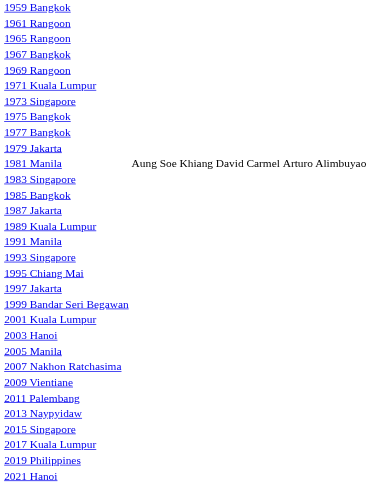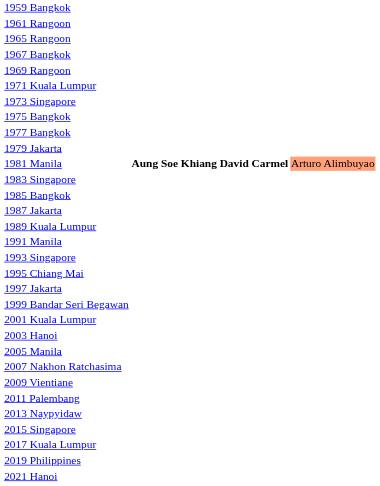 <table>
 <tr>
 <td><a href='#'>1959 Bangkok</a></td>
 <td></td>
 <td></td>
 <td></td>
 </tr>
 <tr>
 <td><a href='#'>1961 Rangoon</a></td>
 <td></td>
 <td></td>
 <td></td>
 </tr>
 <tr>
 <td><a href='#'>1965 Rangoon</a></td>
 <td></td>
 <td></td>
 <td></td>
 </tr>
 <tr>
 <td><a href='#'>1967 Bangkok</a></td>
 <td></td>
 <td></td>
 <td></td>
 </tr>
 <tr>
 <td><a href='#'>1969 Rangoon</a></td>
 <td></td>
 <td></td>
 <td></td>
 </tr>
 <tr>
 <td><a href='#'>1971 Kuala Lumpur</a></td>
 <td></td>
 <td></td>
 <td></td>
 </tr>
 <tr>
 <td><a href='#'>1973 Singapore</a></td>
 <td></td>
 <td></td>
 <td></td>
 </tr>
 <tr>
 <td><a href='#'>1975 Bangkok</a></td>
 <td></td>
 <td></td>
 <td></td>
 </tr>
 <tr>
 <td><a href='#'>1977 Bangkok</a></td>
 <td></td>
 <td></td>
 <td></td>
 </tr>
 <tr>
 <td><a href='#'>1979 Jakarta</a></td>
 <td></td>
 <td></td>
 <td></td>
 </tr>
 <tr>
 <td><a href='#'>1981 Manila</a></td>
-<td> Aung Soe Khiang</td>
-<td> David Carmel</td>
-<td> Arturo Alimbuyao</td>
+<td><strong> Aung Soe Khiang</strong></td>
+<td><strong> David Carmel</strong></td>
+<td style="background: lightsalmon;"> Arturo Alimbuyao</td>
 </tr>
 <tr>
 <td><a href='#'>1983 Singapore</a></td>
 <td></td>
 <td></td>
 <td></td>
 </tr>
 <tr>
 <td><a href='#'>1985 Bangkok</a></td>
 <td></td>
 <td></td>
 <td></td>
 </tr>
 <tr>
 <td><a href='#'>1987 Jakarta</a></td>
 <td></td>
 <td></td>
 <td></td>
 </tr>
 <tr>
 <td><a href='#'>1989 Kuala Lumpur</a></td>
 <td></td>
 <td></td>
 <td></td>
 </tr>
 <tr>
 <td><a href='#'>1991 Manila</a></td>
 <td></td>
 <td></td>
 <td></td>
 </tr>
 <tr>
 <td><a href='#'>1993 Singapore</a></td>
 <td></td>
 <td></td>
 <td></td>
 </tr>
 <tr>
 <td><a href='#'>1995 Chiang Mai</a></td>
 <td></td>
 <td></td>
 <td></td>
 </tr>
 <tr>
 <td><a href='#'>1997 Jakarta</a></td>
 <td></td>
 <td></td>
 <td></td>
 </tr>
 <tr>
 <td><a href='#'>1999 Bandar Seri Begawan</a></td>
 <td></td>
 <td></td>
 <td></td>
 </tr>
 <tr>
 <td><a href='#'>2001 Kuala Lumpur</a></td>
 <td></td>
 <td></td>
 <td></td>
 </tr>
 <tr>
 <td><a href='#'>2003 Hanoi</a></td>
 <td></td>
 <td></td>
 <td></td>
 </tr>
 <tr>
 <td><a href='#'>2005 Manila</a></td>
 <td></td>
 <td></td>
 <td></td>
 </tr>
 <tr>
 <td><a href='#'>2007 Nakhon Ratchasima</a></td>
 <td></td>
 <td></td>
 <td></td>
 </tr>
 <tr>
 <td><a href='#'>2009 Vientiane</a></td>
 <td></td>
 <td></td>
 <td></td>
 </tr>
 <tr>
 <td><a href='#'>2011 Palembang</a></td>
 <td></td>
 <td></td>
 <td></td>
 </tr>
 <tr>
 <td><a href='#'>2013 Naypyidaw</a></td>
 <td></td>
 <td></td>
 <td></td>
 </tr>
 <tr>
 <td><a href='#'>2015 Singapore</a></td>
 <td></td>
 <td></td>
 <td></td>
 </tr>
 <tr>
 <td><a href='#'>2017 Kuala Lumpur</a></td>
 <td></td>
 <td></td>
 <td></td>
 </tr>
 <tr>
 <td><a href='#'>2019 Philippines</a></td>
 <td></td>
 <td></td>
 <td></td>
 </tr>
 <tr>
 <td><a href='#'>2021 Hanoi</a></td>
 <td></td>
 <td></td>
 <td></td>
 </tr>
 <tr>
 </tr>
 </table>
